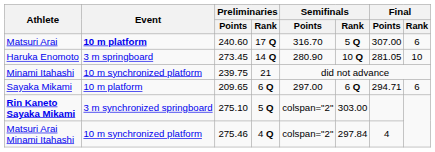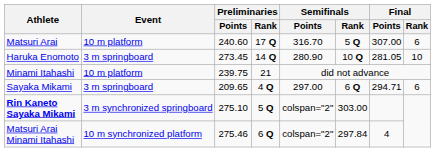 <table class=wikitable style="font-size:90%;">
 <tr>
 <th rowspan="2">Athlete</th>
 <th rowspan="2">Event</th>
 <th colspan="2">Preliminaries</th>
 <th colspan="2">Semifinals</th>
 <th colspan="2">Final</th>
 </tr>
 <tr style="font-size:95%">
 <th>Points</th>
 <th>Rank</th>
 <th>Points</th>
 <th>Rank</th>
 <th>Points</th>
 <th>Rank</th>
 </tr>
 <tr align=center>
 <td align=left><a href='#'>Matsuri Arai</a></td>
-<td align=left><strong><a href='#'>10 m platform</a></strong></td>
+<td align=left><a href='#'>10 m platform</a></td>
 <td>240.60</td>
 <td>17 <strong>Q</strong></td>
 <td>316.70</td>
 <td>5 <strong>Q</strong></td>
 <td>307.00</td>
 <td>6</td>
 </tr>
 <tr align=center>
 <td align=left><a href='#'>Haruka Enomoto</a></td>
 <td align=left><a href='#'>3 m springboard</a></td>
 <td>273.45</td>
 <td>14 <strong>Q</strong></td>
 <td>280.90</td>
 <td>10 <strong>Q</strong></td>
 <td>281.05</td>
 <td>10</td>
 </tr>
 <tr align=center>
 <td align=left><a href='#'>Minami Itahashi</a></td>
-<td align=left><a href='#'>10 m synchronized platform</a></td>
+<td align=left><a href='#'>10 m platform</a></td>
 <td>239.75</td>
 <td>21</td>
 <td colspan="4">did not advance</td>
 </tr>
 <tr align=center>
 <td align=left><a href='#'>Sayaka Mikami</a></td>
-<td align=left><a href='#'>10 m platform</a></td>
+<td align=left><a href='#'>3 m springboard</a></td>
 <td>209.65</td>
-<td>6 <strong>Q</strong></td>
+<td>4 <strong>Q</strong></td>
 <td>297.00</td>
 <td>6 <strong>Q</strong></td>
 <td>294.71</td>
 <td>6</td>
 </tr>
 <tr align=center>
 <td align=left><strong><a href='#'>Rin Kaneto</a><br><a href='#'>Sayaka Mikami</a></strong></td>
 <td align=left><a href='#'>3 m synchronized springboard</a></td>
 <td>275.10</td>
 <td>5 <strong>Q</strong></td>
 <td>colspan="2" </td>
 <td>303.00</td>
 <td></td>
 </tr>
 <tr align=center>
 <td align=left><a href='#'>Matsuri Arai</a><br><a href='#'>Minami Itahashi</a></td>
 <td align=left><a href='#'>10 m synchronized platform</a></td>
 <td>275.46</td>
-<td>4 <strong>Q</strong></td>
+<td>6 <strong>Q</strong></td>
 <td>colspan="2" </td>
 <td>297.84</td>
 <td>4</td>
 </tr>
 </table>
